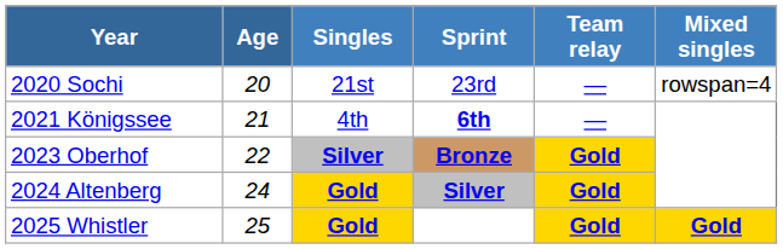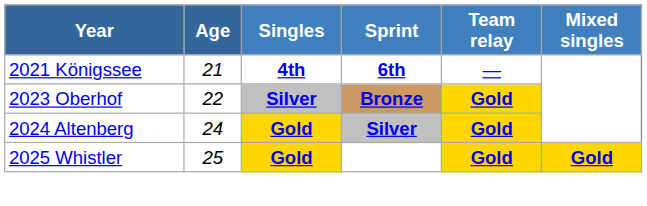 <table class="wikitable" style="font-size:95%; text-align:center; border:grey solid 1px; border-collapse:collapse; background:#ffffff;">
 <tr>
 <th style="background-color:#369; color:white; width:140px;">Year</th>
 <th style="background-color:#369; color:white; width:40px;">Age</th>
 <th style="background-color:#4180be; color:white; width:75px;">Singles</th>
 <th style="background-color:#4180be; color:white; width:75px;">Sprint</th>
 <th style="background-color:#4180be; color:white; width:75px;">Team relay</th>
 <th style="background-color:#4180be; color:white; width:75px;">Mixed singles</th>
 </tr>
 <tr>
-<td align=left> <a href='#'>2020 Sochi</a></td>
-<td><em>20</em></td>
-<td><a href='#'>21st</a></td>
-<td><a href='#'>23rd</a></td>
-<td><a href='#'>—</a></td>
-<td>rowspan=4 </td>
-</tr>
-<tr>
 <td align=left> <a href='#'>2021 Königssee</a></td>
 <td><em>21</em></td>
-<td><a href='#'>4th</a></td>
+<td><strong><a href='#'>4th</a></strong></td>
 <td><strong><a href='#'>6th</a></strong></td>
 <td><a href='#'>—</a></td>
 </tr>
 <tr>
 <td align=left> <a href='#'>2023 Oberhof</a></td>
 <td><em>22</em></td>
 <td style="background:silver;"><a href='#'><strong>Silver</strong></a></td>
 <td style="background:#cc9966;"><a href='#'><strong>Bronze</strong></a></td>
 <td style="background:gold;"><a href='#'><strong>Gold</strong></a></td>
 </tr>
 <tr>
 <td align=left> <a href='#'>2024 Altenberg</a></td>
 <td><em>24</em></td>
 <td style="background:gold;"><a href='#'><strong>Gold</strong></a></td>
 <td style="background:silver;"><a href='#'><strong>Silver</strong></a></td>
 <td style="background:gold;"><a href='#'><strong>Gold</strong></a></td>
 </tr>
 <tr>
 <td align=left> <a href='#'>2025 Whistler</a></td>
 <td><em>25</em></td>
 <td style="background:gold;"><a href='#'><strong>Gold</strong></a></td>
 <td></td>
 <td style="background:gold;"><a href='#'><strong>Gold</strong></a></td>
 <td style="background:gold;"><a href='#'><strong>Gold</strong></a></td>
 </tr>
 </table>
